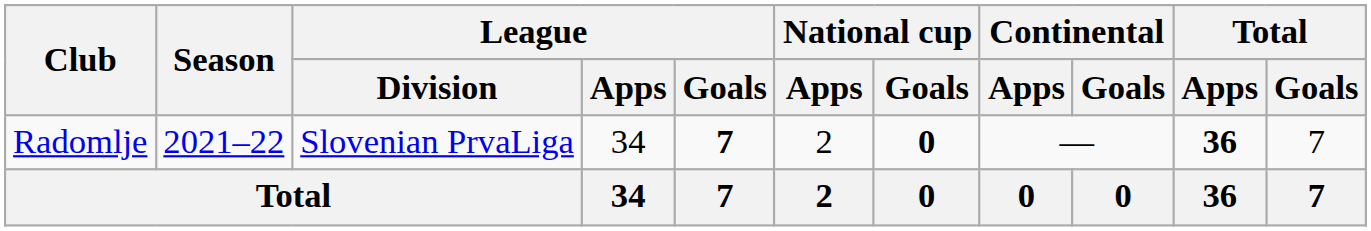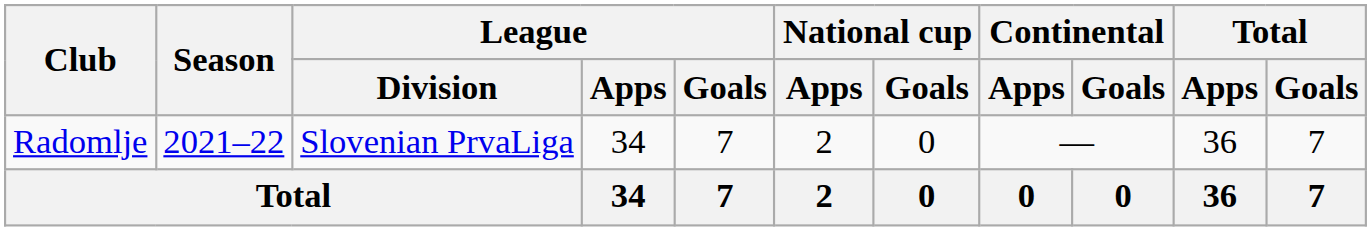 <table class="wikitable" style="text-align: center">
 <tr>
 <th rowspan="2">Club</th>
 <th rowspan="2">Season</th>
 <th colspan="3">League</th>
 <th colspan="2">National cup</th>
 <th colspan="2">Continental</th>
 <th colspan="2">Total</th>
 </tr>
 <tr>
 <th>Division</th>
 <th>Apps</th>
 <th>Goals</th>
 <th>Apps</th>
 <th>Goals</th>
 <th>Apps</th>
 <th>Goals</th>
 <th>Apps</th>
 <th>Goals</th>
 </tr>
 <tr>
 <td><a href='#'>Radomlje</a></td>
 <td><a href='#'>2021–22</a></td>
 <td><a href='#'>Slovenian PrvaLiga</a></td>
 <td>34</td>
-<td><strong>7</strong></td>
+<td>7</td>
 <td>2</td>
-<td><strong>0</strong></td>
+<td>0</td>
 <td colspan=2>—</td>
-<td><strong>36</strong></td>
+<td>36</td>
 <td>7</td>
 </tr>
 <tr>
 <th colspan=3>Total</th>
 <th>34</th>
 <th>7</th>
 <th>2</th>
 <th>0</th>
 <th>0</th>
 <th>0</th>
 <th>36</th>
 <th>7</th>
 </tr>
 </table>
